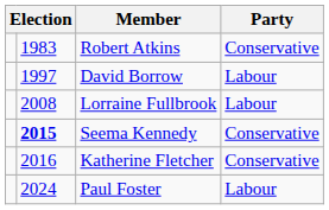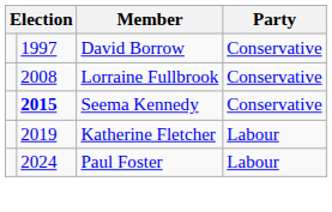 <table class="wikitable">
 <tr>
 <th colspan=2>Election</th>
 <th>Member</th>
 <th>Party</th>
 </tr>
 <tr>
 <td style="color:inherit;background-color: "></td>
-<td><a href='#'>1983</a></td>
-<td><a href='#'>Robert Atkins</a></td>
-<td><a href='#'>Conservative</a></td>
-</tr>
-<tr>
-<td style="color:inherit;background-color: "></td>
 <td><a href='#'>1997</a></td>
 <td><a href='#'>David Borrow</a></td>
-<td><a href='#'>Labour</a></td>
+<td><a href='#'>Conservative</a></td>
 </tr>
 <tr>
 <td style="color:inherit;background-color: "></td>
 <td><a href='#'>2008</a></td>
 <td><a href='#'>Lorraine Fullbrook</a></td>
-<td><a href='#'>Labour</a></td>
+<td><a href='#'>Conservative</a></td>
 </tr>
 <tr>
 <td style="color:inherit;background-color: "></td>
 <td><strong><a href='#'>2015</a></strong></td>
 <td><a href='#'>Seema Kennedy</a></td>
 <td><a href='#'>Conservative</a></td>
 </tr>
 <tr>
 <td style="color:inherit;background-color: "></td>
-<td><a href='#'>2016</a></td>
+<td><a href='#'>2019</a></td>
 <td><a href='#'>Katherine Fletcher</a></td>
-<td><a href='#'>Conservative</a></td>
+<td><a href='#'>Labour</a></td>
 </tr>
 <tr>
 <td style="color:inherit;background-color: "></td>
 <td><a href='#'>2024</a></td>
 <td><a href='#'>Paul Foster</a></td>
 <td><a href='#'>Labour</a></td>
 </tr>
 </table>
